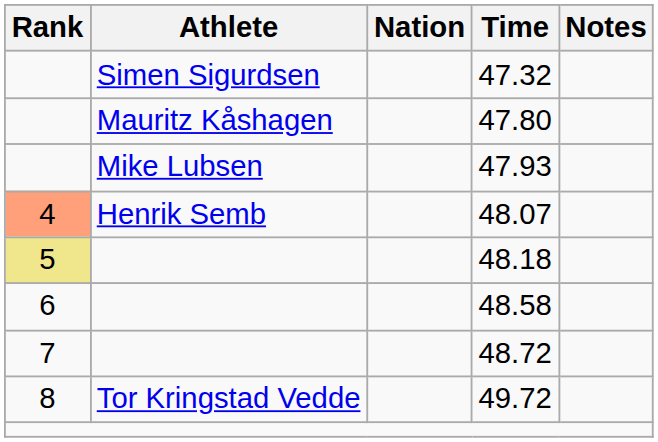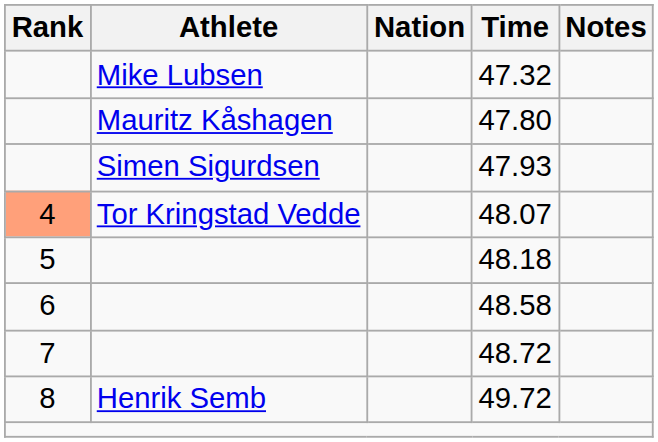 <table class="wikitable sortable" style="text-align:center;">
 <tr>
 <th scope="col" style="width: 10px;">Rank</th>
 <th scope="col">Athlete</th>
 <th scope="col">Nation</th>
 <th scope="col">Time</th>
 <th scope="col">Notes</th>
 </tr>
 <tr>
 <td></td>
-<td align=left><a href='#'>Simen Sigurdsen</a></td>
+<td align=left><a href='#'>Mike Lubsen</a></td>
 <td align=left></td>
 <td>47.32</td>
 <td></td>
 </tr>
 <tr>
 <td></td>
 <td align=left><a href='#'>Mauritz Kåshagen</a></td>
 <td align=left></td>
 <td>47.80</td>
 <td></td>
 </tr>
 <tr>
 <td></td>
-<td align=left><a href='#'>Mike Lubsen</a></td>
+<td align=left><a href='#'>Simen Sigurdsen</a></td>
 <td align=left></td>
 <td>47.93</td>
 <td></td>
 </tr>
 <tr>
 <td style="background: lightsalmon;">4</td>
-<td align=left><a href='#'>Henrik Semb</a></td>
+<td align=left><a href='#'>Tor Kringstad Vedde</a></td>
 <td align=left></td>
 <td>48.07</td>
 <td></td>
 </tr>
 <tr>
-<td style="background: khaki;">5</td>
+<td>5</td>
 <td align=left></td>
 <td align=left></td>
 <td>48.18</td>
 <td></td>
 </tr>
 <tr>
 <td>6</td>
 <td align=left></td>
 <td align=left></td>
 <td>48.58</td>
 <td></td>
 </tr>
 <tr>
 <td>7</td>
 <td align=left></td>
 <td align=left></td>
 <td>48.72</td>
 <td></td>
 </tr>
 <tr>
 <td>8</td>
-<td align=left><a href='#'>Tor Kringstad Vedde</a></td>
+<td align=left><a href='#'>Henrik Semb</a></td>
 <td align=left></td>
 <td>49.72</td>
 <td></td>
 </tr>
 <tr class="sortbottom">
 <td colspan="5"></td>
 </tr>
 </table>
